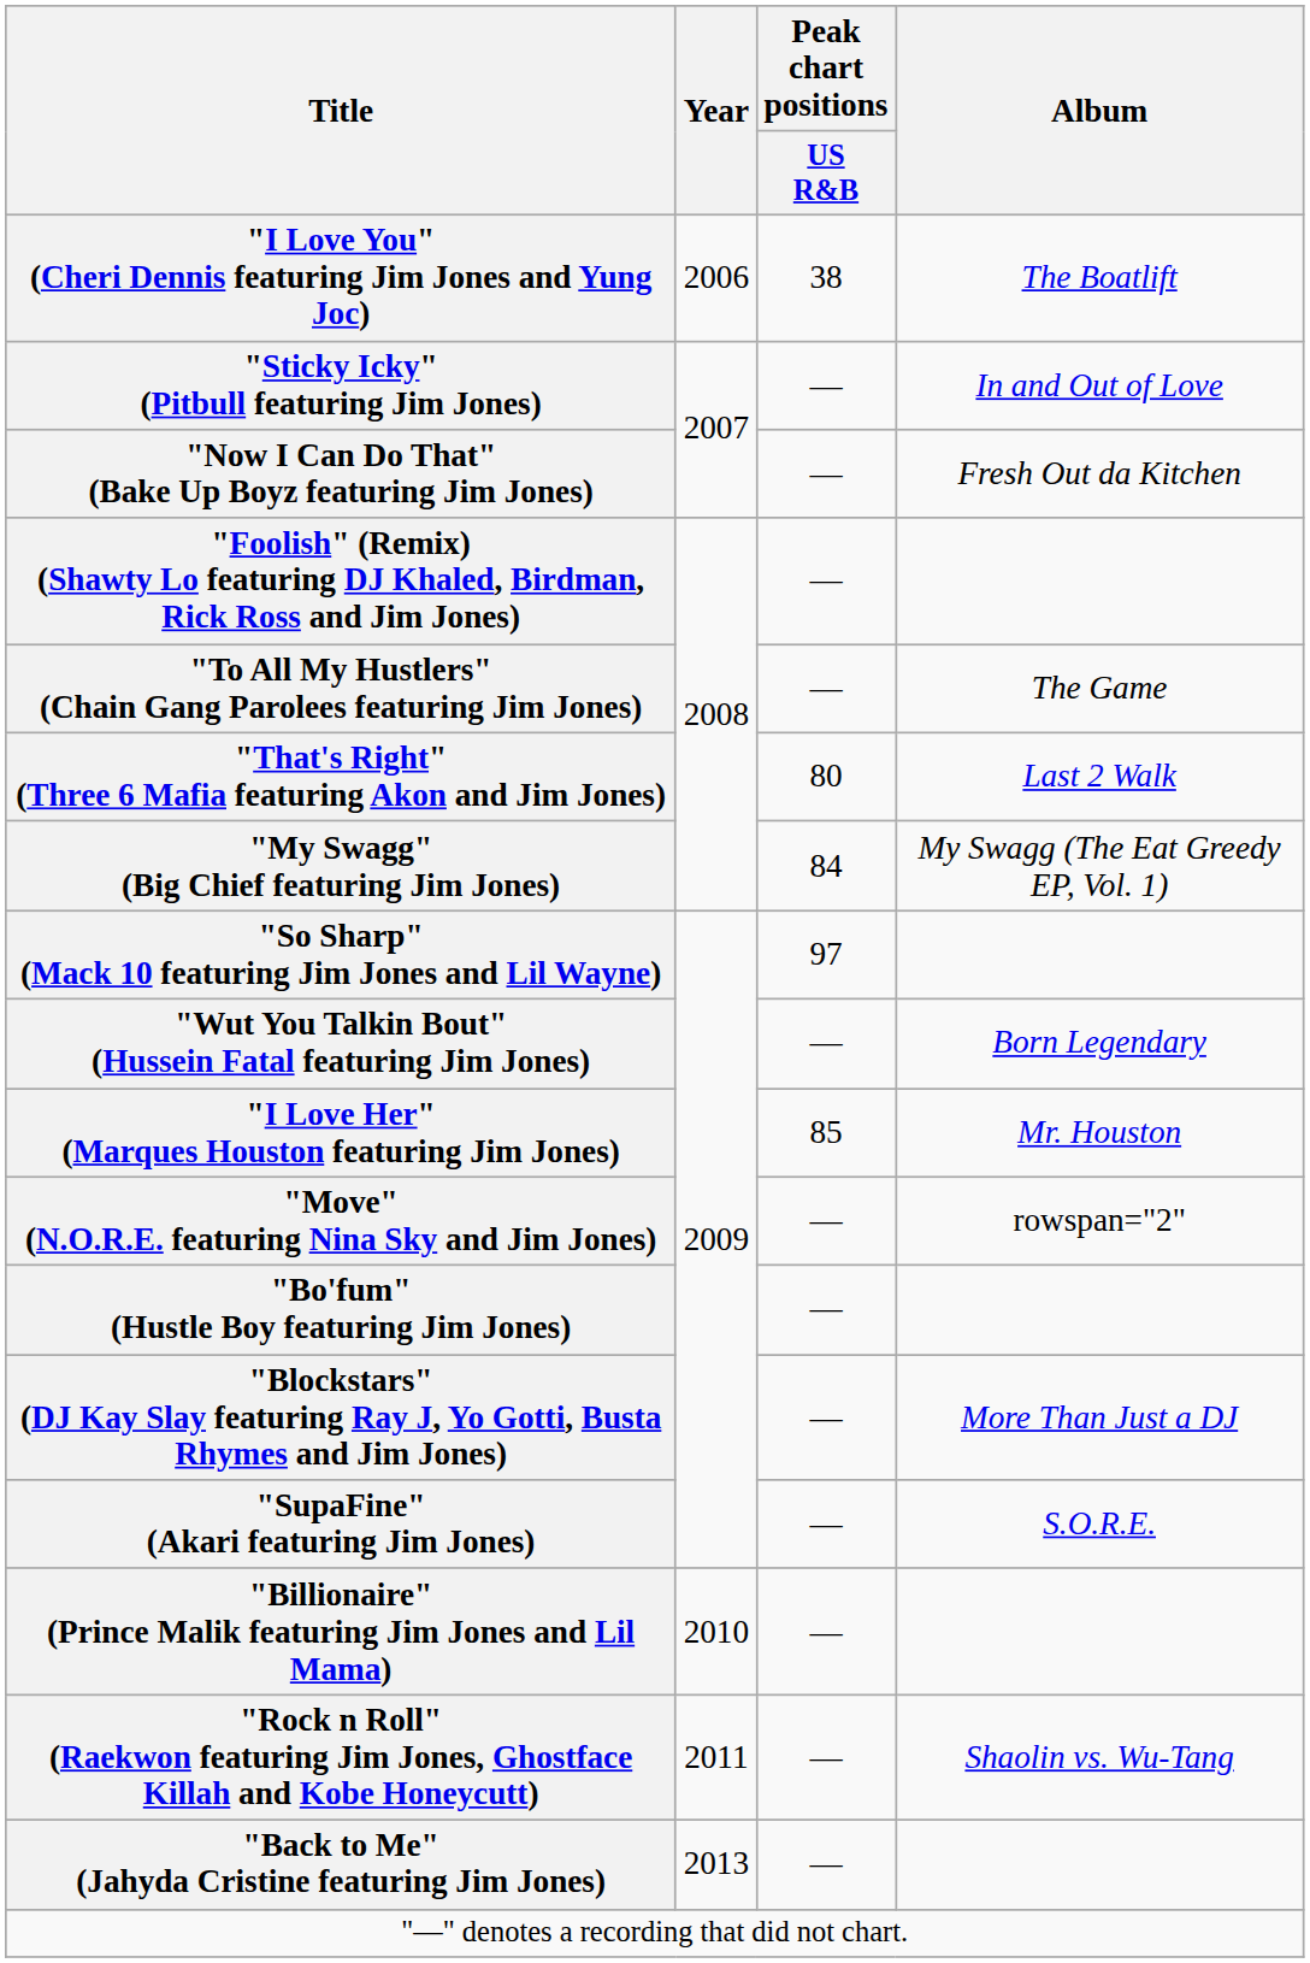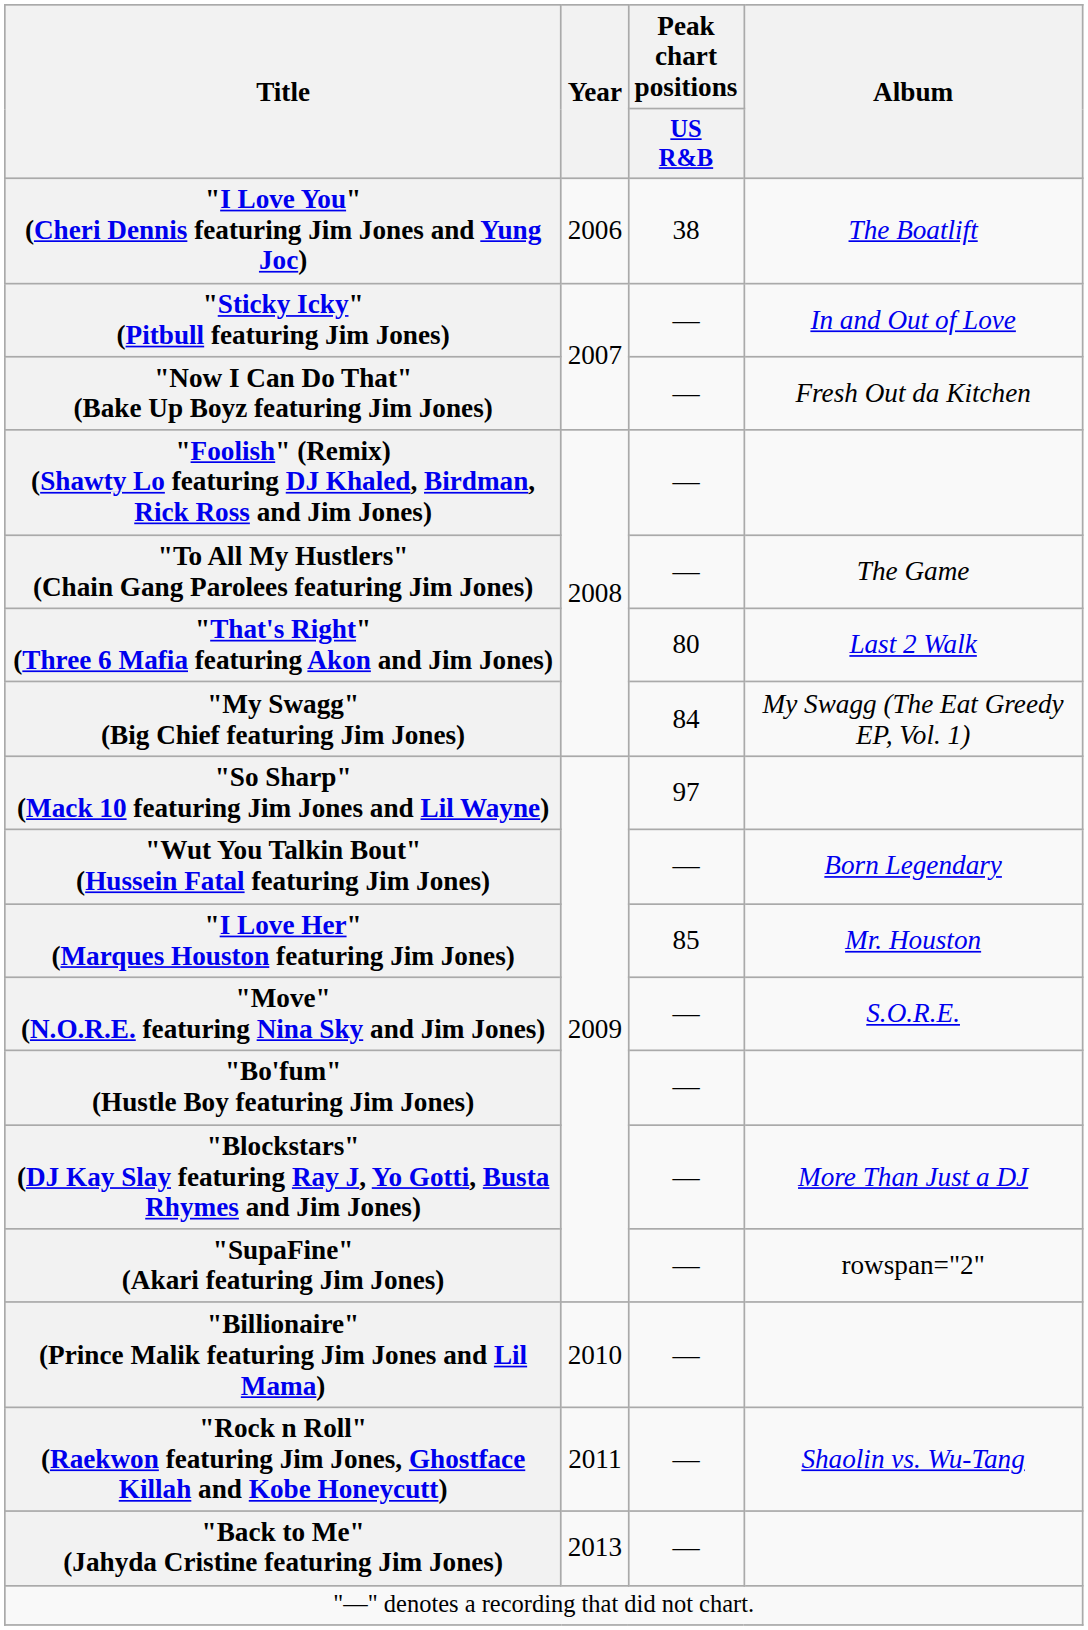 <table class="wikitable plainrowheaders" style="text-align:center;">
 <tr>
 <th scope="col" rowspan="2" style="width:20em;">Title</th>
 <th scope="col" rowspan="2" style="width:1em;">Year</th>
 <th scope="col" colspan="1">Peak chart positions</th>
 <th scope="col" rowspan="2" style="width:12em;">Album</th>
 </tr>
 <tr>
 <th scope="col" style="width:2.5em;font-size:90%;"><a href='#'>US<br>R&B</a><br></th>
 </tr>
 <tr>
 <th scope="row">"<a href='#'>I Love You</a>"<br><span>(<a href='#'>Cheri Dennis</a> featuring Jim Jones and <a href='#'>Yung Joc</a>)</span></th>
 <td>2006</td>
 <td>38</td>
 <td><em><a href='#'>The Boatlift</a></em></td>
 </tr>
 <tr>
 <th scope="row">"<a href='#'>Sticky Icky</a>"<br><span>(<a href='#'>Pitbull</a> featuring Jim Jones)</span></th>
 <td rowspan="2">2007</td>
 <td>—</td>
 <td><em><a href='#'>In and Out of Love</a></em></td>
 </tr>
 <tr>
 <th scope="row">"Now I Can Do That"<br><span>(Bake Up Boyz featuring Jim Jones)</span></th>
 <td>—</td>
 <td><em>Fresh Out da Kitchen</em></td>
 </tr>
 <tr>
 <th scope="row">"<a href='#'>Foolish</a>" (Remix)<br><span>(<a href='#'>Shawty Lo</a> featuring <a href='#'>DJ Khaled</a>, <a href='#'>Birdman</a>, <a href='#'>Rick Ross</a> and Jim Jones)</span></th>
 <td rowspan="4">2008</td>
 <td>—</td>
 <td></td>
 </tr>
 <tr>
 <th scope="row">"To All My Hustlers"<br><span>(Chain Gang Parolees featuring Jim Jones)</span></th>
 <td>—</td>
 <td><em>The Game</em></td>
 </tr>
 <tr>
 <th scope="row">"<a href='#'>That's Right</a>"<br><span>(<a href='#'>Three 6 Mafia</a> featuring <a href='#'>Akon</a> and Jim Jones)</span></th>
 <td>80</td>
 <td><em><a href='#'>Last 2 Walk</a></em></td>
 </tr>
 <tr>
 <th scope="row">"My Swagg"<br><span>(Big Chief featuring Jim Jones)</span></th>
 <td>84</td>
 <td><em>My Swagg (The Eat Greedy EP, Vol. 1)</em></td>
 </tr>
 <tr>
 <th scope="row">"So Sharp"<br><span>(<a href='#'>Mack 10</a> featuring Jim Jones and <a href='#'>Lil Wayne</a>)</span></th>
 <td rowspan="7">2009</td>
 <td>97</td>
 <td></td>
 </tr>
 <tr>
 <th scope="row">"Wut You Talkin Bout"<br><span>(<a href='#'>Hussein Fatal</a> featuring Jim Jones)</span></th>
 <td>—</td>
 <td><em><a href='#'>Born Legendary</a></em></td>
 </tr>
 <tr>
 <th scope="row">"<a href='#'>I Love Her</a>"<br><span>(<a href='#'>Marques Houston</a> featuring Jim Jones)</span></th>
 <td>85</td>
 <td><em><a href='#'>Mr. Houston</a></em></td>
 </tr>
 <tr>
 <th scope="row">"Move"<br><span>(<a href='#'>N.O.R.E.</a> featuring <a href='#'>Nina Sky</a> and Jim Jones)</span></th>
 <td>—</td>
-<td>rowspan="2" </td>
+<td><em><a href='#'>S.O.R.E.</a></em></td>
 </tr>
 <tr>
 <th scope="row">"Bo'fum"<br><span>(Hustle Boy featuring Jim Jones)</span></th>
 <td>—</td>
 <td></td>
 </tr>
 <tr>
 <th scope="row">"Blockstars"<br><span>(<a href='#'>DJ Kay Slay</a> featuring <a href='#'>Ray J</a>, <a href='#'>Yo Gotti</a>, <a href='#'>Busta Rhymes</a> and Jim Jones)</span></th>
 <td>—</td>
 <td><em><a href='#'>More Than Just a DJ</a></em></td>
 </tr>
 <tr>
 <th scope="row">"SupaFine"<br><span>(Akari featuring Jim Jones)</span></th>
 <td>—</td>
-<td><em><a href='#'>S.O.R.E.</a></em></td>
+<td>rowspan="2" </td>
 </tr>
 <tr>
 <th scope="row">"Billionaire"<br><span>(Prince Malik featuring Jim Jones and <a href='#'>Lil Mama</a>)</span></th>
 <td>2010</td>
 <td>—</td>
 </tr>
 <tr>
 <th scope="row">"Rock n Roll"<br><span>(<a href='#'>Raekwon</a> featuring Jim Jones, <a href='#'>Ghostface Killah</a> and <a href='#'>Kobe Honeycutt</a>)</span></th>
 <td>2011</td>
 <td>—</td>
 <td><em><a href='#'>Shaolin vs. Wu-Tang</a></em></td>
 </tr>
 <tr>
 <th scope="row">"Back to Me"<br><span>(Jahyda Cristine featuring Jim Jones)</span></th>
 <td>2013</td>
 <td>—</td>
 <td></td>
 </tr>
 <tr>
 <td colspan="14" style="font-size:90%">"—" denotes a recording that did not chart.</td>
 </tr>
 </table>
